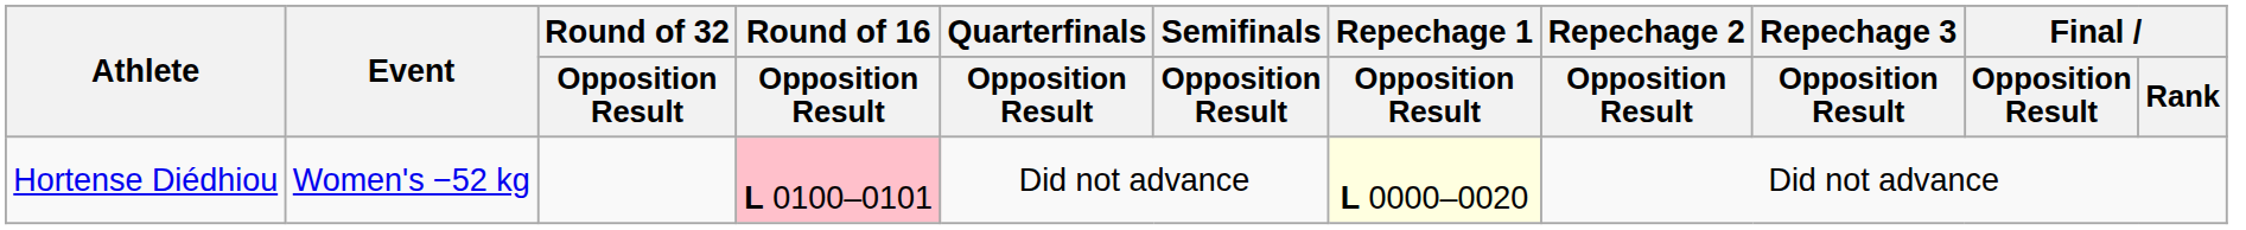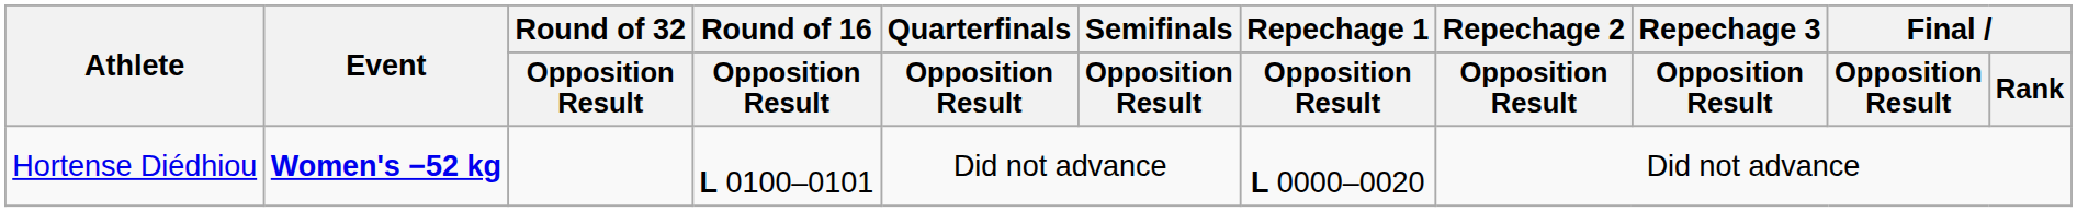 <table class="wikitable" style="font-size:90%">
 <tr>
 <th rowspan="2">Athlete</th>
 <th rowspan="2">Event</th>
 <th>Round of 32</th>
 <th>Round of 16</th>
 <th>Quarterfinals</th>
 <th>Semifinals</th>
 <th>Repechage 1</th>
 <th>Repechage 2</th>
 <th>Repechage 3</th>
 <th colspan=2>Final / </th>
 </tr>
 <tr style="font-size:95%">
 <th>Opposition<br>Result</th>
 <th>Opposition<br>Result</th>
 <th>Opposition<br>Result</th>
 <th>Opposition<br>Result</th>
 <th>Opposition<br>Result</th>
 <th>Opposition<br>Result</th>
 <th>Opposition<br>Result</th>
 <th>Opposition<br>Result</th>
 <th>Rank</th>
 </tr>
 <tr align=center>
 <td align=left><a href='#'>Hortense Diédhiou</a></td>
-<td align=left><a href='#'>Women's −52 kg</a></td>
+<td align=left><strong><a href='#'>Women's −52 kg</a></strong></td>
 <td></td>
-<td style="background: pink;"><br><strong>L</strong> 0100–0101</td>
+<td><br><strong>L</strong> 0100–0101</td>
 <td colspan=2>Did not advance</td>
-<td style="background: lightyellow;"><br><strong>L</strong> 0000–0020</td>
+<td><br><strong>L</strong> 0000–0020</td>
 <td colspan=4>Did not advance</td>
 </tr>
 </table>
